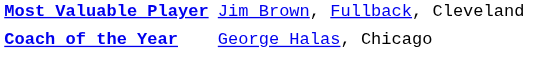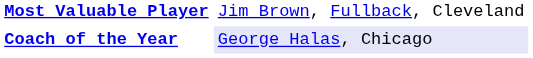 <table cellpadding="3" cellspacing="1">
 <tr>
 <td><strong><a href='#'>Most Valuable Player</a></strong></td>
 <td><a href='#'>Jim Brown</a>, <a href='#'>Fullback</a>, Cleveland</td>
 </tr>
 <tr>
 <td><strong><a href='#'>Coach of the Year</a></strong></td>
-<td><a href='#'>George Halas</a>, Chicago</td>
+<td style="background: lavender;"><a href='#'>George Halas</a>, Chicago</td>
 </tr>
 </table>
